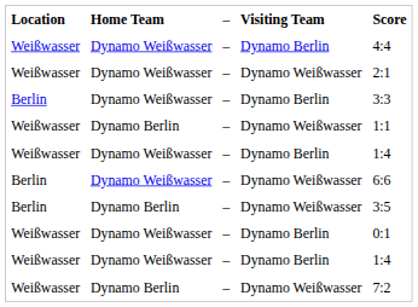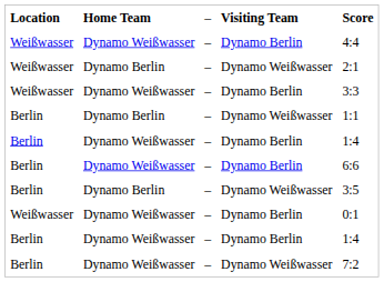 <table cellspacing="0" border="0" cellpadding="6" style="border:1px solid #bbb; background-color:#FFFFFF;">
 <tr>
 <td><strong>Location</strong></td>
 <td><strong>Home Team</strong></td>
 <td>–</td>
 <td><strong>Visiting Team</strong></td>
 <td><strong>Score</strong></td>
 </tr>
 <tr>
 <td><a href='#'>Weißwasser</a></td>
 <td><a href='#'>Dynamo Weißwasser</a></td>
 <td>–</td>
 <td><a href='#'>Dynamo Berlin</a></td>
 <td>4:4</td>
 </tr>
 <tr>
 <td>Weißwasser</td>
-<td>Dynamo Weißwasser</td>
+<td>Dynamo Berlin</td>
 <td>–</td>
 <td>Dynamo Weißwasser</td>
 <td>2:1</td>
 </tr>
 <tr>
-<td><a href='#'>Berlin</a></td>
+<td>Weißwasser</td>
 <td>Dynamo Weißwasser</td>
 <td>–</td>
 <td>Dynamo Berlin</td>
 <td>3:3</td>
 </tr>
 <tr>
-<td>Weißwasser</td>
+<td>Berlin</td>
 <td>Dynamo Berlin</td>
 <td>–</td>
 <td>Dynamo Weißwasser</td>
 <td>1:1</td>
 </tr>
 <tr>
-<td>Weißwasser</td>
+<td><a href='#'>Berlin</a></td>
 <td>Dynamo Weißwasser</td>
 <td>–</td>
 <td>Dynamo Berlin</td>
 <td>1:4</td>
 </tr>
 <tr>
 <td>Berlin</td>
 <td><a href='#'>Dynamo Weißwasser</a></td>
 <td>–</td>
-<td>Dynamo Weißwasser</td>
+<td><a href='#'>Dynamo Berlin</a></td>
 <td>6:6</td>
 </tr>
 <tr>
 <td>Berlin</td>
 <td>Dynamo Berlin</td>
 <td>–</td>
 <td>Dynamo Weißwasser</td>
 <td>3:5</td>
 </tr>
 <tr>
 <td>Weißwasser</td>
 <td>Dynamo Weißwasser</td>
 <td>–</td>
 <td>Dynamo Berlin</td>
 <td>0:1</td>
 </tr>
 <tr>
-<td>Weißwasser</td>
+<td>Berlin</td>
 <td>Dynamo Weißwasser</td>
 <td>–</td>
 <td>Dynamo Berlin</td>
 <td>1:4</td>
 </tr>
 <tr>
-<td>Weißwasser</td>
-<td>Dynamo Berlin</td>
+<td>Berlin</td>
+<td>Dynamo Weißwasser</td>
 <td>–</td>
 <td>Dynamo Weißwasser</td>
 <td>7:2</td>
 </tr>
 </table>
